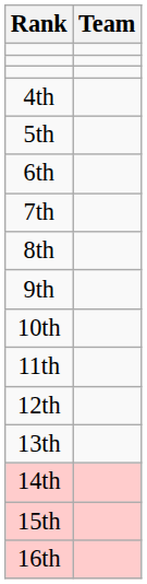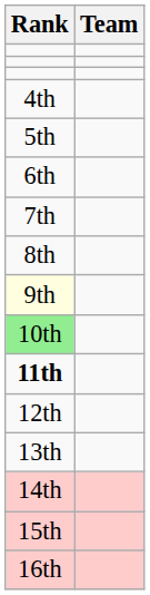 <table class=wikitable style="text-align:center;">
 <tr>
 <th>Rank</th>
 <th>Team</th>
 </tr>
 <tr>
 <td></td>
 <td align=left></td>
 </tr>
 <tr>
 <td></td>
 <td align=left></td>
 </tr>
 <tr>
 <td></td>
 <td align=left></td>
 </tr>
 <tr>
 <td>4th</td>
 <td align=left></td>
 </tr>
 <tr>
 <td>5th</td>
 <td align=left></td>
 </tr>
 <tr>
 <td>6th</td>
 <td align=left></td>
 </tr>
 <tr>
 <td>7th</td>
 <td align=left></td>
 </tr>
 <tr>
 <td>8th</td>
 <td align=left></td>
 </tr>
 <tr>
-<td>9th</td>
+<td style="background: lightyellow;">9th</td>
 <td align=left></td>
 </tr>
 <tr>
-<td>10th</td>
+<td style="background: lightgreen;">10th</td>
 <td align=left></td>
 </tr>
 <tr>
-<td>11th</td>
+<td><strong>11th</strong></td>
 <td align=left></td>
 </tr>
 <tr>
 <td>12th</td>
 <td align=left></td>
 </tr>
 <tr>
 <td>13th</td>
 <td align=left></td>
 </tr>
 <tr bgcolor=#ffcccc>
 <td>14th</td>
 <td align=left></td>
 </tr>
 <tr bgcolor=#ffcccc>
 <td>15th</td>
 <td align=left></td>
 </tr>
 <tr bgcolor=#ffcccc>
 <td>16th</td>
 <td align=left></td>
 </tr>
 </table>
